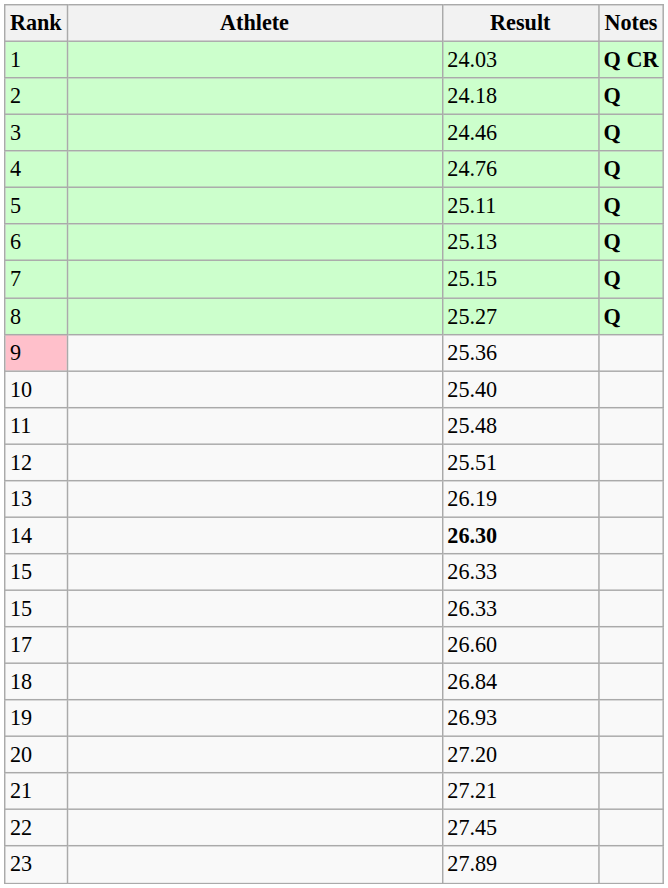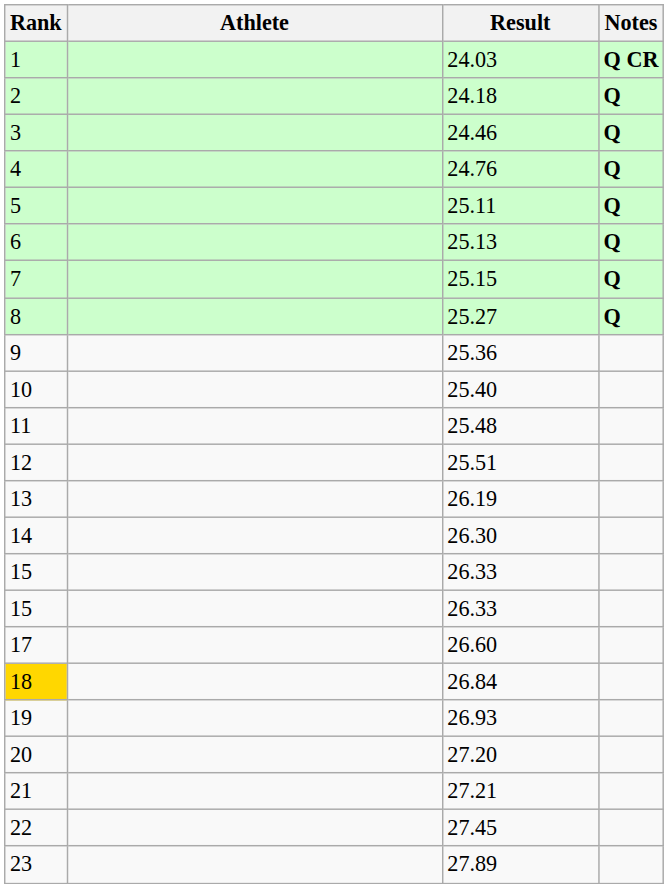 <table class="wikitable" style="font-size:95%" style="width:35em;" style="text-align:center">
 <tr>
 <th>Rank</th>
 <th width=250>Athlete</th>
 <th width=100>Result</th>
 <th>Notes</th>
 </tr>
 <tr bgcolor=ccffcc>
 <td>1</td>
 <td align=left></td>
 <td>24.03</td>
 <td><strong>Q CR</strong></td>
 </tr>
 <tr bgcolor=ccffcc>
 <td>2</td>
 <td align=left></td>
 <td>24.18</td>
 <td><strong>Q</strong></td>
 </tr>
 <tr bgcolor=ccffcc>
 <td>3</td>
 <td align=left></td>
 <td>24.46</td>
 <td><strong>Q</strong></td>
 </tr>
 <tr bgcolor=ccffcc>
 <td>4</td>
 <td align=left></td>
 <td>24.76</td>
 <td><strong>Q</strong></td>
 </tr>
 <tr bgcolor=ccffcc>
 <td>5</td>
 <td align=left></td>
 <td>25.11</td>
 <td><strong>Q</strong></td>
 </tr>
 <tr bgcolor=ccffcc>
 <td>6</td>
 <td align=left></td>
 <td>25.13</td>
 <td><strong>Q</strong></td>
 </tr>
 <tr bgcolor=ccffcc>
 <td>7</td>
 <td align=left></td>
 <td>25.15</td>
 <td><strong>Q</strong></td>
 </tr>
 <tr bgcolor=ccffcc>
 <td>8</td>
 <td align=left></td>
 <td>25.27</td>
 <td><strong>Q</strong></td>
 </tr>
 <tr>
-<td style="background: pink;">9</td>
+<td>9</td>
 <td align=left></td>
 <td>25.36</td>
 <td></td>
 </tr>
 <tr>
 <td>10</td>
 <td align=left></td>
 <td>25.40</td>
 <td></td>
 </tr>
 <tr>
 <td>11</td>
 <td align=left></td>
 <td>25.48</td>
 <td></td>
 </tr>
 <tr>
 <td>12</td>
 <td align=left></td>
 <td>25.51</td>
 <td></td>
 </tr>
 <tr>
 <td>13</td>
 <td align=left></td>
 <td>26.19</td>
 <td></td>
 </tr>
 <tr>
 <td>14</td>
 <td align=left></td>
-<td><strong>26.30</strong></td>
+<td>26.30</td>
 <td></td>
 </tr>
 <tr>
 <td>15</td>
 <td align=left></td>
 <td>26.33</td>
 <td></td>
 </tr>
 <tr>
 <td>15</td>
 <td align=left></td>
 <td>26.33</td>
 <td></td>
 </tr>
 <tr>
 <td>17</td>
 <td align=left></td>
 <td>26.60</td>
 <td></td>
 </tr>
 <tr>
-<td>18</td>
+<td style="background: gold;">18</td>
 <td align=left></td>
 <td>26.84</td>
 <td></td>
 </tr>
 <tr>
 <td>19</td>
 <td align=left></td>
 <td>26.93</td>
 <td></td>
 </tr>
 <tr>
 <td>20</td>
 <td align=left></td>
 <td>27.20</td>
 <td></td>
 </tr>
 <tr>
 <td>21</td>
 <td align=left></td>
 <td>27.21</td>
 <td></td>
 </tr>
 <tr>
 <td>22</td>
 <td align=left></td>
 <td>27.45</td>
 <td></td>
 </tr>
 <tr>
 <td>23</td>
 <td align=left></td>
 <td>27.89</td>
 <td></td>
 </tr>
 <tr>
 </tr>
 </table>
